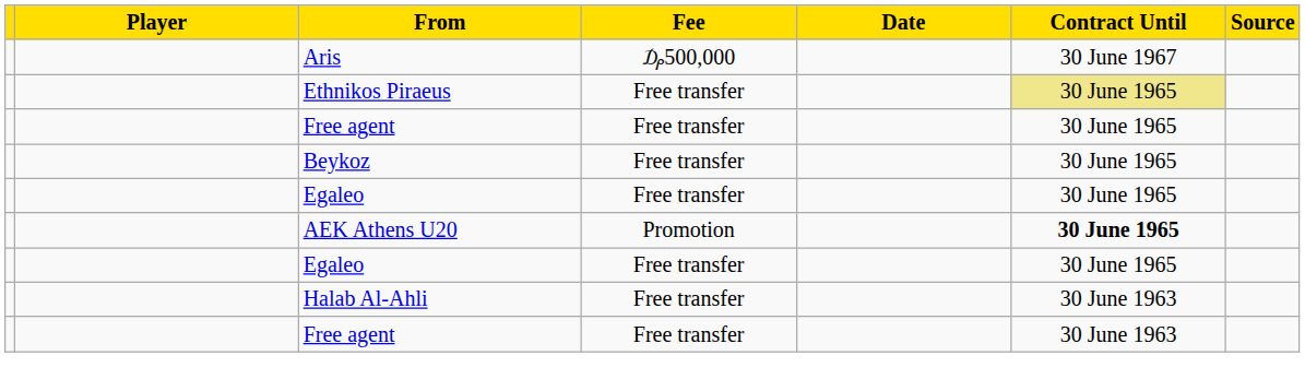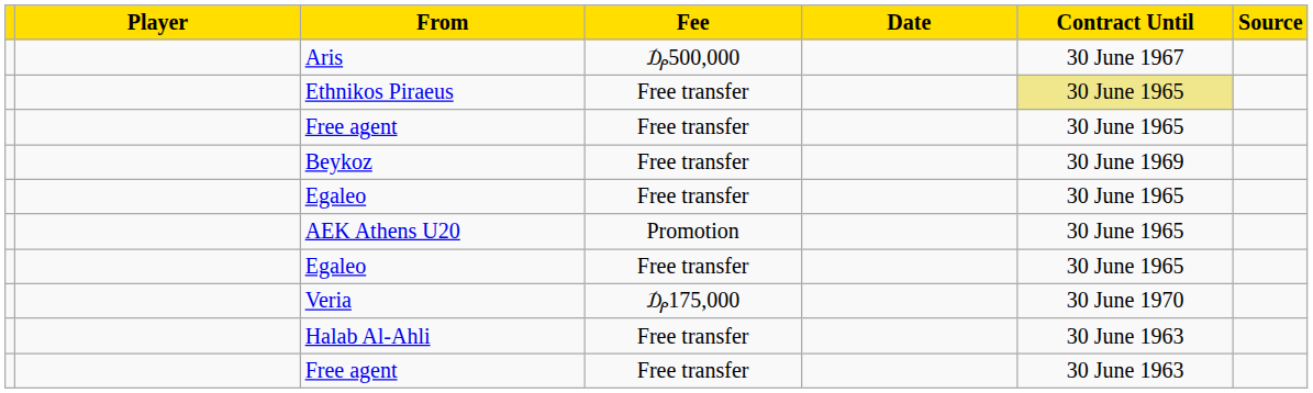 <table class="wikitable sortable">
 <tr>
 <th style="background:#FFDE00"></th>
 <th width=200 style="background:#FFDE00">Player</th>
 <th width=200 style="background:#FFDE00">From</th>
 <th width=150 style="background:#FFDE00">Fee</th>
 <th width=150 style="background:#FFDE00">Date</th>
 <th width=150 style="background:#FFDE00">Contract Until</th>
 <th style="background:#FFDE00">Source</th>
 </tr>
 <tr>
 <td align=center></td>
 <td></td>
 <td> <a href='#'>Aris</a></td>
 <td align=center>₯500,000</td>
 <td align=center></td>
 <td align=center>30 June 1967</td>
 <td align=center></td>
 </tr>
 <tr>
 <td align=center></td>
 <td></td>
 <td> <a href='#'>Ethnikos Piraeus</a></td>
 <td align=center>Free transfer</td>
 <td align=center></td>
 <td align=center style="background: khaki;">30 June 1965</td>
 <td align=center></td>
 </tr>
 <tr>
 <td align=center></td>
 <td></td>
 <td><a href='#'>Free agent</a></td>
 <td align=center>Free transfer</td>
 <td align=center></td>
 <td align=center>30 June 1965</td>
 <td align=center></td>
 </tr>
 <tr>
 <td align=center></td>
 <td></td>
 <td> <a href='#'>Beykoz</a></td>
 <td align=center>Free transfer</td>
 <td align=center></td>
-<td align=center>30 June 1965</td>
+<td align=center>30 June 1969</td>
 <td align=center></td>
 </tr>
 <tr>
 <td align=center></td>
 <td></td>
 <td> <a href='#'>Egaleo</a></td>
 <td align=center>Free transfer</td>
 <td align=center></td>
 <td align=center>30 June 1965</td>
 <td align=center></td>
 </tr>
 <tr>
 <td align=center></td>
 <td></td>
 <td> <a href='#'>AEK Athens U20</a></td>
 <td align=center>Promotion</td>
 <td align=center></td>
-<td align=center><strong>30 June 1965</strong></td>
+<td align=center>30 June 1965</td>
 <td align=center></td>
 </tr>
 <tr>
 <td align=center></td>
 <td></td>
 <td> <a href='#'>Egaleo</a></td>
 <td align=center>Free transfer</td>
 <td align=center></td>
 <td align=center>30 June 1965</td>
+<td align=center></td>
+</tr>
+<tr>
+<td align=center></td>
+<td></td>
+<td> <a href='#'>Veria</a></td>
+<td align=center>₯175,000</td>
+<td align=center></td>
+<td align=center>30 June 1970</td>
 <td align=center></td>
 </tr>
 <tr>
 <td align=center></td>
 <td></td>
 <td> <a href='#'>Halab Al-Ahli</a></td>
 <td align=center>Free transfer</td>
 <td align=center></td>
 <td align=center>30 June 1963</td>
 <td align=center></td>
 </tr>
 <tr>
 <td align=center></td>
 <td></td>
 <td><a href='#'>Free agent</a></td>
 <td align=center>Free transfer</td>
 <td align=center></td>
 <td align=center>30 June 1963</td>
 <td align=center></td>
 </tr>
 </table>
